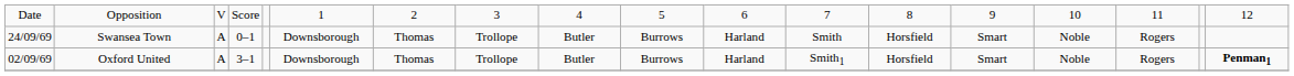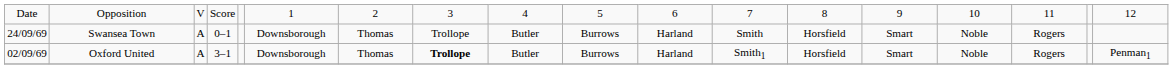 <table class="wikitable" style="font-size: 75%; text-align: center;">
 <tr style="text-align:center;">
 <td style="width:10px; ">Date</td>
 <td style="width:150px; ">Opposition</td>
 <td style="width:5px; ">V</td>
 <td style="width:5px; ">Score</td>
 <td style="width:1px; text-align:center;"></td>
 <td style="width:95px; ">1</td>
 <td style="width:75px; ">2</td>
 <td style="width:75px; ">3</td>
 <td style="width:75px; ">4</td>
 <td style="width:75px; ">5</td>
 <td style="width:75px; ">6</td>
 <td style="width:75px; ">7</td>
 <td style="width:75px; ">8</td>
 <td style="width:75px; ">9</td>
 <td style="width:75px; ">10</td>
 <td style="width:75px; ">11</td>
 <td style="width:1px; text-align:center;"></td>
 <td style="width:75px; ">12</td>
 </tr>
 <tr>
 <td>24/09/69</td>
 <td>Swansea Town</td>
 <td>A</td>
 <td>0–1</td>
 <td></td>
 <td>Downsborough</td>
 <td>Thomas</td>
 <td>Trollope</td>
 <td>Butler</td>
 <td>Burrows</td>
 <td>Harland</td>
 <td>Smith</td>
 <td>Horsfield</td>
 <td>Smart</td>
 <td>Noble</td>
 <td>Rogers</td>
 <td></td>
 <td></td>
 </tr>
 <tr>
 <td>02/09/69</td>
 <td>Oxford United</td>
 <td>A</td>
 <td>3–1</td>
 <td></td>
 <td>Downsborough</td>
 <td>Thomas</td>
-<td>Trollope</td>
+<td><strong>Trollope</strong></td>
 <td>Butler</td>
 <td>Burrows</td>
 <td>Harland</td>
 <td>Smith<sub>1</sub></td>
 <td>Horsfield</td>
 <td>Smart</td>
 <td>Noble</td>
 <td>Rogers</td>
 <td></td>
-<td><strong>Penman<sub>1</sub></strong></td>
+<td>Penman<sub>1</sub></td>
 </tr>
 <tr>
 </tr>
 </table>
